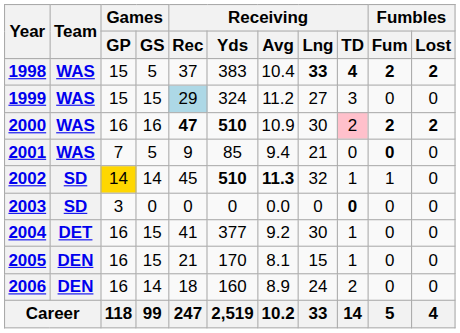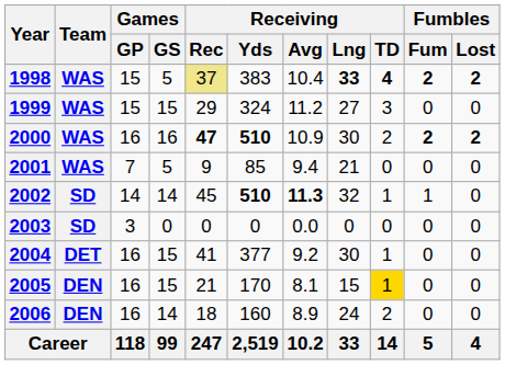 <table class="wikitable" style="text-align: center;">
 <tr>
 <th rowspan="2">Year</th>
 <th rowspan="2">Team</th>
 <th colspan="2">Games</th>
 <th colspan="5">Receiving</th>
 <th colspan="2">Fumbles</th>
 </tr>
 <tr>
 <th>GP</th>
 <th>GS</th>
 <th>Rec</th>
 <th>Yds</th>
 <th>Avg</th>
 <th>Lng</th>
 <th>TD</th>
 <th>Fum</th>
 <th>Lost</th>
 </tr>
 <tr>
 <th><a href='#'>1998</a></th>
 <th><a href='#'>WAS</a></th>
 <td>15</td>
 <td>5</td>
-<td>37</td>
+<td style="background: khaki;">37</td>
 <td>383</td>
 <td>10.4</td>
 <td><strong>33</strong></td>
 <td><strong>4</strong></td>
 <td><strong>2</strong></td>
 <td><strong>2</strong></td>
 </tr>
 <tr>
 <th><a href='#'>1999</a></th>
 <th><a href='#'>WAS</a></th>
 <td>15</td>
 <td>15</td>
-<td style="background: lightblue;">29</td>
+<td>29</td>
 <td>324</td>
 <td>11.2</td>
 <td>27</td>
 <td>3</td>
 <td>0</td>
 <td>0</td>
 </tr>
 <tr>
 <th><a href='#'>2000</a></th>
 <th><a href='#'>WAS</a></th>
 <td>16</td>
 <td>16</td>
 <td><strong>47</strong></td>
 <td><strong>510</strong></td>
 <td>10.9</td>
 <td>30</td>
-<td style="background: pink;">2</td>
+<td>2</td>
 <td><strong>2</strong></td>
 <td><strong>2</strong></td>
 </tr>
 <tr>
 <th><a href='#'>2001</a></th>
 <th><a href='#'>WAS</a></th>
 <td>7</td>
 <td>5</td>
 <td>9</td>
 <td>85</td>
 <td>9.4</td>
 <td>21</td>
 <td>0</td>
-<td><strong>0</strong></td>
+<td>0</td>
 <td>0</td>
 </tr>
 <tr>
 <th><a href='#'>2002</a></th>
 <th><a href='#'>SD</a></th>
-<td style="background: gold;">14</td>
+<td>14</td>
 <td>14</td>
 <td>45</td>
 <td><strong>510</strong></td>
 <td><strong>11.3</strong></td>
 <td>32</td>
 <td>1</td>
 <td>1</td>
 <td>0</td>
 </tr>
 <tr>
 <th><a href='#'>2003</a></th>
 <th><a href='#'>SD</a></th>
 <td>3</td>
 <td>0</td>
 <td>0</td>
 <td>0</td>
 <td>0.0</td>
 <td>0</td>
-<td><strong>0</strong></td>
+<td>0</td>
 <td>0</td>
 <td>0</td>
 </tr>
 <tr>
 <th><a href='#'>2004</a></th>
 <th><a href='#'>DET</a></th>
 <td>16</td>
 <td>15</td>
 <td>41</td>
 <td>377</td>
 <td>9.2</td>
 <td>30</td>
 <td>1</td>
 <td>0</td>
 <td>0</td>
 </tr>
 <tr>
 <th><a href='#'>2005</a></th>
 <th><a href='#'>DEN</a></th>
 <td>16</td>
 <td>15</td>
 <td>21</td>
 <td>170</td>
 <td>8.1</td>
 <td>15</td>
-<td>1</td>
+<td style="background: gold;">1</td>
 <td>0</td>
 <td>0</td>
 </tr>
 <tr>
 <th><a href='#'>2006</a></th>
 <th><a href='#'>DEN</a></th>
 <td>16</td>
 <td>14</td>
 <td>18</td>
 <td>160</td>
 <td>8.9</td>
 <td>24</td>
 <td>2</td>
 <td>0</td>
 <td>0</td>
 </tr>
 <tr>
 <th colspan="2">Career</th>
 <th>118</th>
 <th>99</th>
 <th>247</th>
 <th>2,519</th>
 <th>10.2</th>
 <th>33</th>
 <th>14</th>
 <th>5</th>
 <th>4</th>
 </tr>
 </table>
